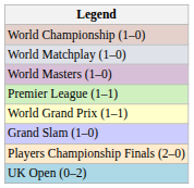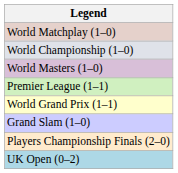 <table class="wikitable">
 <tr>
 <th>Legend</th>
 </tr>
 <tr style="background:#e5d1cb;">
-<td>World Championship (1–0)</td>
+<td>World Matchplay (1–0)</td>
 </tr>
 <tr style="background:#dfe2e9;">
-<td>World Matchplay (1–0)</td>
+<td>World Championship (1–0)</td>
 </tr>
 <tr style="background:thistle">
 <td>World Masters (1–0)</td>
 </tr>
 <tr style="background:#d0f0c0;">
 <td>Premier League (1–1)</td>
 </tr>
 <tr style="background:#FFFFCC;">
 <td>World Grand Prix (1–1)</td>
 </tr>
 <tr style="background:#ccf;">
 <td>Grand Slam (1–0)</td>
 </tr>
 <tr style="background:#ffebcd;">
 <td>Players Championship Finals (2–0)</td>
 </tr>
 <tr style="background:lightblue;">
 <td>UK Open (0–2)</td>
 </tr>
 </table>
